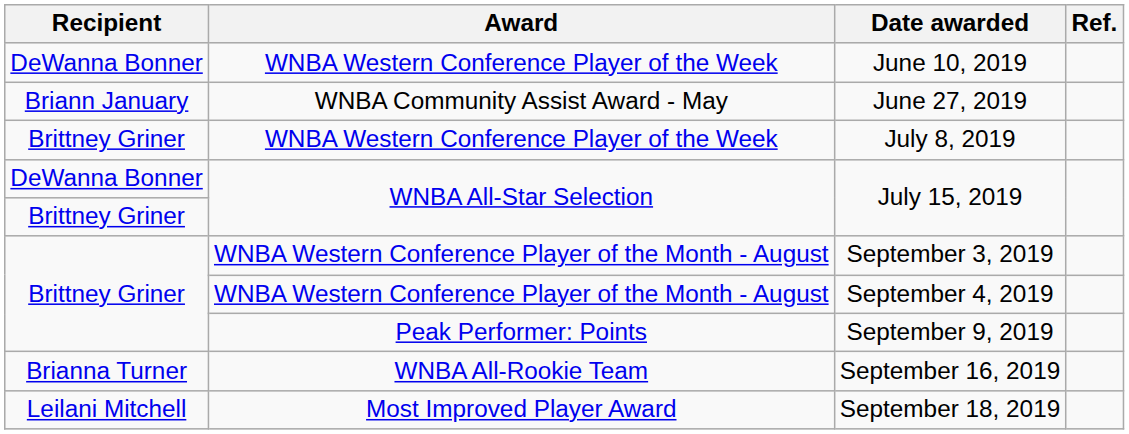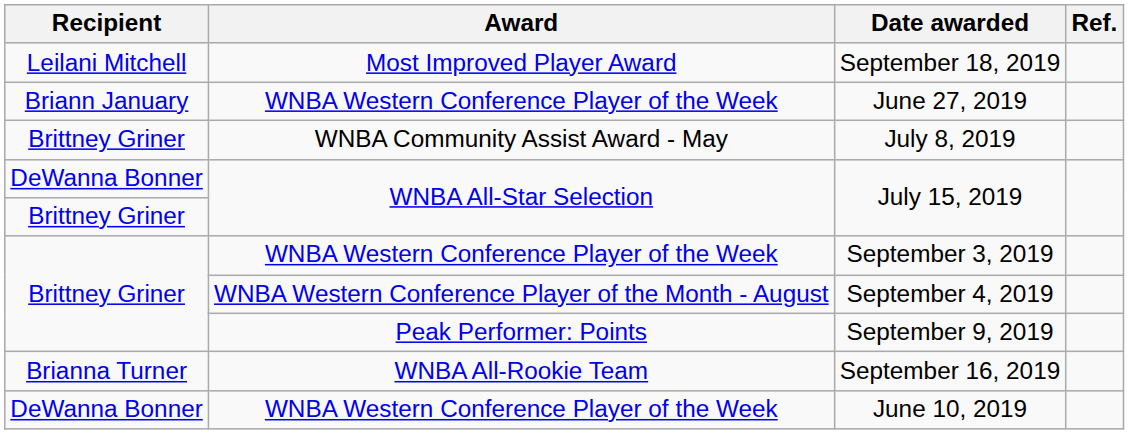 <table class="wikitable sortable sortable" style="text-align: center">
 <tr>
 <th>Recipient</th>
 <th>Award</th>
 <th>Date awarded</th>
 <th>Ref.</th>
 </tr>
 <tr>
-<td><a href='#'>DeWanna Bonner</a></td>
-<td><a href='#'>WNBA Western Conference Player of the Week</a></td>
-<td>June 10, 2019</td>
+<td><a href='#'>Leilani Mitchell</a></td>
+<td><a href='#'>Most Improved Player Award</a></td>
+<td>September 18, 2019</td>
 <td></td>
 </tr>
 <tr>
 <td><a href='#'>Briann January</a></td>
-<td>WNBA Community Assist Award - May</td>
+<td><a href='#'>WNBA Western Conference Player of the Week</a></td>
 <td>June 27, 2019</td>
 <td></td>
 </tr>
 <tr>
 <td><a href='#'>Brittney Griner</a></td>
-<td><a href='#'>WNBA Western Conference Player of the Week</a></td>
+<td>WNBA Community Assist Award - May</td>
 <td>July 8, 2019</td>
 <td></td>
 </tr>
 <tr>
 <td><a href='#'>DeWanna Bonner</a></td>
 <td rowspan=2><a href='#'>WNBA All-Star Selection</a></td>
 <td rowspan=2>July 15, 2019</td>
 <td rowspan=2></td>
 </tr>
 <tr>
 <td><a href='#'>Brittney Griner</a></td>
 </tr>
 <tr>
 <td rowspan=3><a href='#'>Brittney Griner</a></td>
-<td><a href='#'>WNBA Western Conference Player of the Month - August</a></td>
+<td><a href='#'>WNBA Western Conference Player of the Week</a></td>
 <td>September 3, 2019</td>
 <td></td>
 </tr>
 <tr>
 <td><a href='#'>WNBA Western Conference Player of the Month - August</a></td>
 <td>September 4, 2019</td>
 <td></td>
 </tr>
 <tr>
 <td><a href='#'>Peak Performer: Points</a></td>
 <td>September 9, 2019</td>
 <td></td>
 </tr>
 <tr>
 <td><a href='#'>Brianna Turner</a></td>
 <td><a href='#'>WNBA All-Rookie Team</a></td>
 <td>September 16, 2019</td>
 <td></td>
 </tr>
 <tr>
-<td><a href='#'>Leilani Mitchell</a></td>
-<td><a href='#'>Most Improved Player Award</a></td>
-<td>September 18, 2019</td>
+<td><a href='#'>DeWanna Bonner</a></td>
+<td><a href='#'>WNBA Western Conference Player of the Week</a></td>
+<td>June 10, 2019</td>
 <td></td>
 </tr>
 </table>
